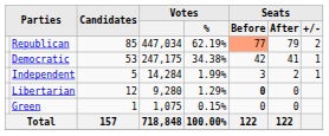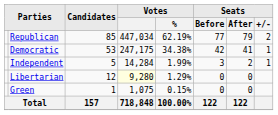 <table class=wikitable>
 <tr>
 <th style="background-color:#E9E9E9" align=center rowspan= 2 colspan=2>Parties</th>
 <th style="background-color:#E9E9E9" align=center rowspan= 2>Candidates</th>
 <th style="background-color:#E9E9E9" align=center colspan=2>Votes</th>
 <th style="background-color:#E9E9E9" align=center colspan=4>Seats</th>
 </tr>
 <tr>
 <th align=center></th>
 <th align=center>%</th>
 <th align=center>Before</th>
 <th align=center>After</th>
 <th align=center>+/-</th>
 </tr>
 <tr>
 <td></td>
 <td align=left><a href='#'>Republican</a></td>
 <td align=right>85</td>
 <td align=right>447,034</td>
 <td align=right>62.19%</td>
-<td align=right style="background: lightsalmon;">77</td>
+<td align=right>77</td>
 <td align=right>79</td>
 <td align=right> 2</td>
 </tr>
 <tr>
 <td></td>
 <td align=left><a href='#'>Democratic</a></td>
 <td align=right>53</td>
 <td align=right>247,175</td>
 <td align=right>34.38%</td>
 <td align=right>42</td>
 <td align=right>41</td>
 <td align=right> 1</td>
 </tr>
 <tr>
 <td></td>
 <td><a href='#'>Independent</a></td>
 <td align=right>5</td>
 <td align=right>14,284</td>
 <td align=right>1.99%</td>
 <td align=right>3</td>
 <td align=right>2</td>
 <td align=right> 1</td>
 </tr>
 <tr>
 <td></td>
 <td><a href='#'>Libertarian</a></td>
 <td align=right>12</td>
-<td align=right>9,280</td>
+<td align=right style="background: lightyellow;">9,280</td>
 <td align=right>1.29%</td>
-<td align=right><strong>0</strong></td>
+<td align=right>0</td>
 <td align=right>0</td>
 <td align=right></td>
 </tr>
 <tr>
 <td></td>
 <td><a href='#'>Green</a></td>
 <td align=right>1</td>
 <td align=right>1,075</td>
 <td align=right>0.15%</td>
 <td align=right>0</td>
 <td align=right>0</td>
 <td align=right></td>
 </tr>
 <tr>
 <th align=center colspan="2">Total</th>
 <th align=center>157</th>
 <th align=center>718,848</th>
 <th align=center>100.00%</th>
 <th align=center>122</th>
 <th align=center>122</th>
 <th align=center></th>
 </tr>
 <tr>
 </tr>
 </table>
